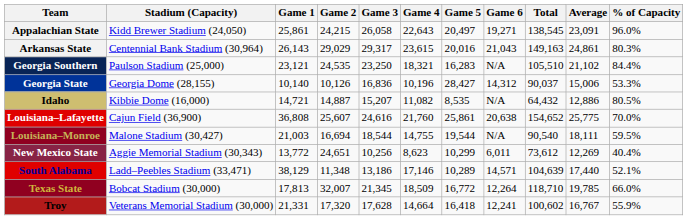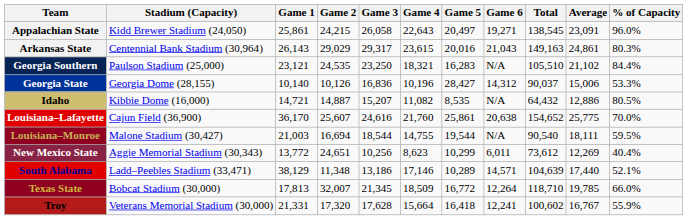 <table class="wikitable sortable">
 <tr>
 <th>Team</th>
 <th>Stadium (Capacity)</th>
 <th>Game 1</th>
 <th>Game 2</th>
 <th>Game 3</th>
 <th>Game 4</th>
 <th>Game 5</th>
 <th>Game 6</th>
 <th>Total</th>
 <th>Average</th>
 <th>% of Capacity</th>
 </tr>
 <tr>
 <th>Appalachian State</th>
 <td><a href='#'>Kidd Brewer Stadium</a> (24,050)</td>
 <td>25,861</td>
 <td>24,215</td>
 <td>26,058</td>
 <td>22,643</td>
 <td>20,497</td>
 <td>19,271</td>
 <td>138,545</td>
 <td>23,091</td>
 <td>96.0%</td>
 </tr>
 <tr>
 <th>Arkansas State</th>
 <td><a href='#'>Centennial Bank Stadium</a> (30,964)</td>
 <td>26,143</td>
 <td>29,029</td>
 <td>29,317</td>
 <td>23,615</td>
 <td>20,016</td>
 <td>21,043</td>
 <td>149,163</td>
 <td>24,861</td>
 <td>80.3%</td>
 </tr>
 <tr>
 <th style="background:#082456; color:white;">Georgia Southern</th>
 <td><a href='#'>Paulson Stadium</a> (25,000)</td>
 <td>23,121</td>
 <td>24,535</td>
 <td>23,250</td>
 <td>18,321</td>
 <td>16,283</td>
 <td>N/A</td>
 <td>105,510</td>
 <td>21,102</td>
 <td>84.4%</td>
 </tr>
 <tr>
 <th style="background:#003399; color:white;">Georgia State</th>
 <td><a href='#'>Georgia Dome</a> (28,155)</td>
 <td>10,140</td>
 <td>10,126</td>
 <td>16,836</td>
 <td>10,196</td>
 <td>28,427</td>
 <td>14,312</td>
 <td>90,037</td>
 <td>15,006</td>
 <td>53.3%</td>
 </tr>
 <tr>
 <th style="background:#cebe70; color:black;">Idaho</th>
 <td><a href='#'>Kibbie Dome</a> (16,000)</td>
 <td>14,721</td>
 <td>14,887</td>
 <td>15,207</td>
 <td>11,082</td>
 <td>8,535</td>
 <td>N/A</td>
 <td>64,432</td>
 <td>12,886</td>
 <td>80.5%</td>
 </tr>
 <tr>
 <th style="background:#e00000; color:#fff;">Louisiana–Lafayette</th>
 <td><a href='#'>Cajun Field</a> (36,900)</td>
-<td>36,808</td>
+<td>36,170</td>
 <td>25,607</td>
 <td>24,616</td>
 <td>21,760</td>
 <td>25,861</td>
 <td>20,638</td>
 <td>154,652</td>
 <td>25,775</td>
 <td>70.0%</td>
 </tr>
 <tr>
 <th style="background:#900020; color:#C5B358;">Louisiana–Monroe</th>
 <td><a href='#'>Malone Stadium</a> (30,427)</td>
 <td>21,003</td>
 <td>16,694</td>
 <td>18,544</td>
 <td>14,755</td>
 <td>19,544</td>
 <td>N/A</td>
 <td>90,540</td>
 <td>18,111</td>
 <td>59.5%</td>
 </tr>
 <tr>
 <th style="background:#882345; color:white;">New Mexico State</th>
 <td><a href='#'>Aggie Memorial Stadium</a> (30,343)</td>
 <td>13,772</td>
 <td>24,651</td>
 <td>10,256</td>
 <td>8,623</td>
 <td>10,299</td>
 <td>6,011</td>
 <td>73,612</td>
 <td>12,269</td>
 <td>40.4%</td>
 </tr>
 <tr>
 <th style="background:#e00000; color:#00009C;">South Alabama</th>
 <td><a href='#'>Ladd–Peebles Stadium</a> (33,471)</td>
 <td>38,129</td>
 <td>11,348</td>
 <td>13,186</td>
 <td>17,146</td>
 <td>10,289</td>
 <td>14,571</td>
 <td>104,639</td>
 <td>17,440</td>
 <td>52.1%</td>
 </tr>
 <tr>
 <th style="background:#900020; color:#CFB53B;">Texas State</th>
 <td><a href='#'>Bobcat Stadium</a> (30,000)</td>
 <td>17,813</td>
 <td>32,007</td>
 <td>21,345</td>
 <td>18,509</td>
 <td>16,772</td>
 <td>12,264</td>
 <td>118,710</td>
 <td>19,785</td>
 <td>66.0%</td>
 </tr>
 <tr>
 <th style="background:#b31b1b; color:#000;">Troy</th>
 <td><a href='#'>Veterans Memorial Stadium</a> (30,000)</td>
 <td>21,331</td>
 <td>17,320</td>
 <td>17,628</td>
-<td>14,664</td>
+<td>15,664</td>
 <td>16,418</td>
 <td>12,241</td>
 <td>100,602</td>
 <td>16,767</td>
 <td>55.9%</td>
 </tr>
 </table>
